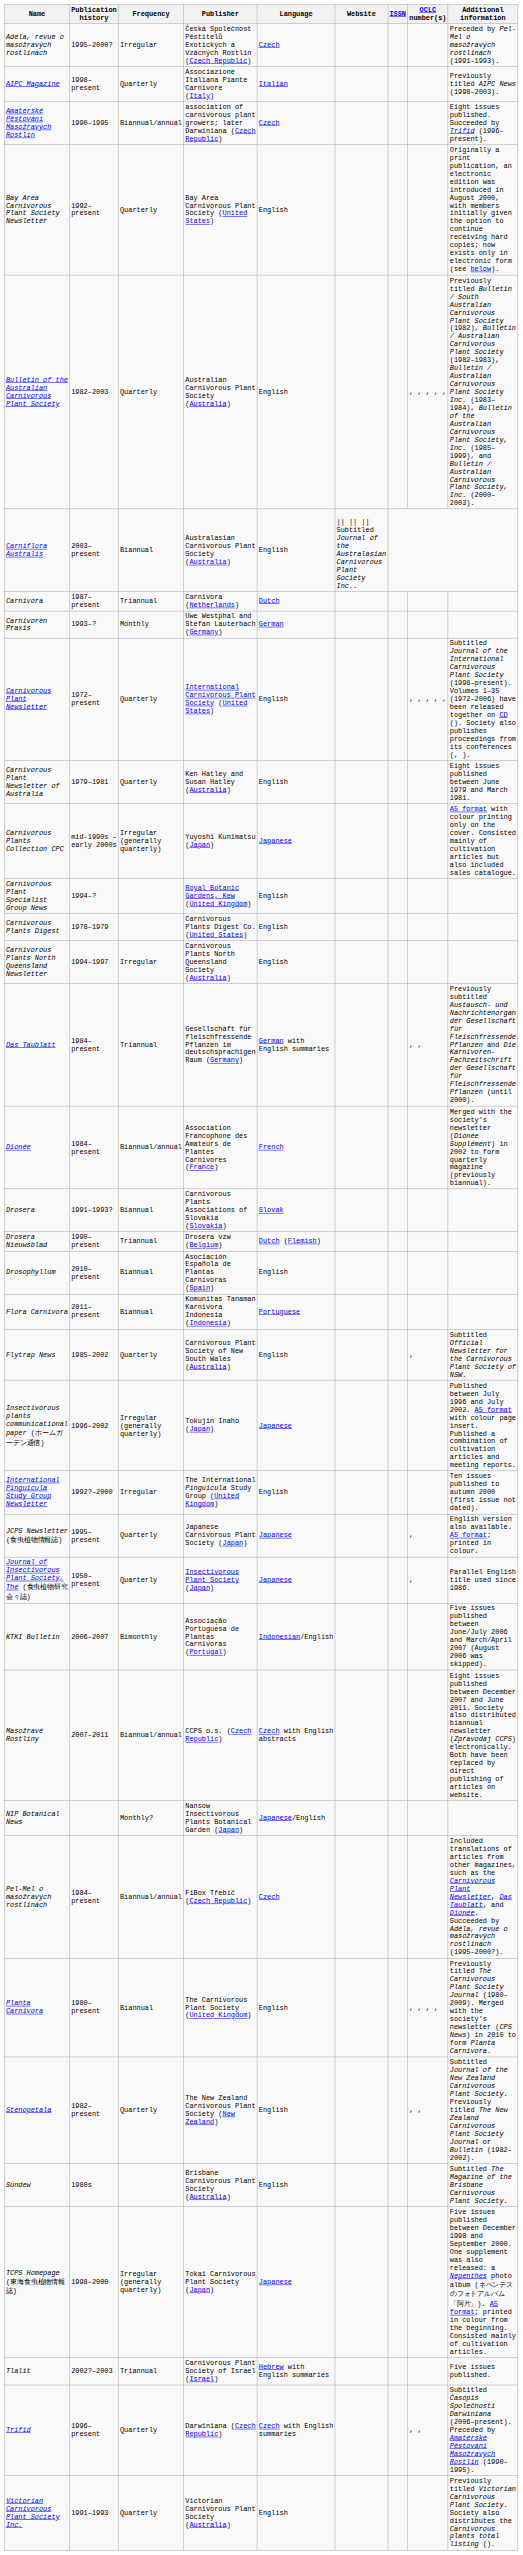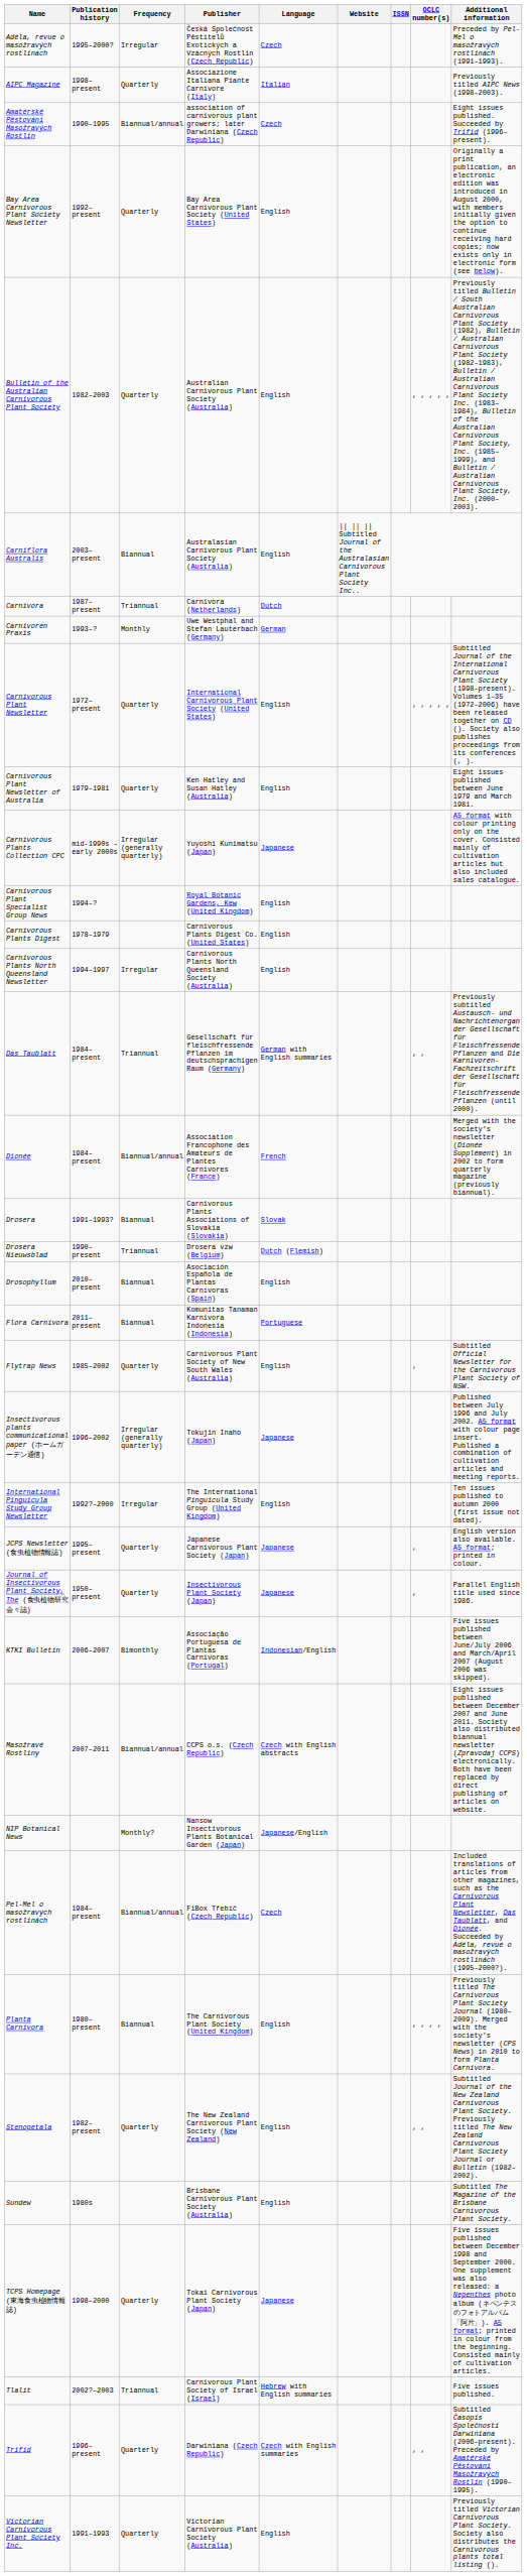 <table class="sortable wikitable">
 <tr>
 <th>Name</th>
 <th>Publication history</th>
 <th>Frequency</th>
 <th>Publisher</th>
 <th>Language</th>
 <th>Website</th>
 <th><a href='#'>ISSN</a></th>
 <th><a href='#'>OCLC</a> number(s)</th>
 <th>Additional information</th>
 </tr>
 <tr>
 <td><em>Adéla, revue o masožravých rostlinách</em></td>
 <td>1995–2000?</td>
 <td>Irregular</td>
 <td>Česká Společnost Pěstitelů Exotických a Vzácných Rostlin (<a href='#'>Czech Republic</a>)</td>
 <td><a href='#'>Czech</a></td>
 <td></td>
 <td></td>
 <td></td>
 <td>Preceded by <em>Pel-Mel o masožravých rostlinách</em> (1991–1993).</td>
 </tr>
 <tr>
 <td><em><a href='#'>AIPC Magazine</a></em></td>
 <td>1998–present</td>
 <td>Quarterly</td>
 <td>Associazione Italiana Piante Carnivore (<a href='#'>Italy</a>)</td>
 <td><a href='#'>Italian</a></td>
 <td></td>
 <td></td>
 <td></td>
 <td>Previously titled <em>AIPC News</em> (1998–2003).</td>
 </tr>
 <tr>
 <td><em><a href='#'>Amatérské Pěstování Masožravých Rostlin</a></em></td>
 <td>1990–1995</td>
 <td>Biannual/annual</td>
 <td>association of carnivorous plant growers; later Darwiniana (<a href='#'>Czech Republic</a>)</td>
 <td><a href='#'>Czech</a></td>
 <td></td>
 <td></td>
 <td></td>
 <td>Eight issues published. Succeeded by <em><a href='#'>Trifid</a></em> (1996–present).</td>
 </tr>
 <tr>
 <td><em>Bay Area Carnivorous Plant Society Newsletter</em></td>
 <td>1992–present</td>
 <td>Quarterly</td>
 <td>Bay Area Carnivorous Plant Society (<a href='#'>United States</a>)</td>
 <td>English</td>
 <td></td>
 <td></td>
 <td></td>
 <td>Originally a print publication, an electronic edition was introduced in August 2000, with members initially given the option to continue receiving hard copies; now exists only in electronic form (see <a href='#'>below</a>).</td>
 </tr>
 <tr>
 <td><em><a href='#'>Bulletin of the Australian Carnivorous Plant Society</a></em></td>
 <td>1982–2003</td>
 <td>Quarterly</td>
 <td>Australian Carnivorous Plant Society (<a href='#'>Australia</a>)</td>
 <td>English</td>
 <td></td>
 <td></td>
 <td>, , , , , </td>
 <td>Previously titled <em>Bulletin / South Australian Carnivorous Plant Society</em> (1982), <em>Bulletin / Australian Carnivorous Plant Society</em> (1982–1983), <em>Bulletin / Australian Carnivorous Plant Society Inc.</em> (1983–1984), <em>Bulletin of the Australian Carnivorous Plant Society, Inc.</em> (1985–1999), and <em>Bulletin / Australian Carnivorous Plant Society, Inc.</em> (2000–2003).</td>
 </tr>
 <tr>
 <td><em><a href='#'>Carniflora Australis</a></em></td>
 <td>2003–present</td>
 <td>Biannual</td>
 <td>Australasian Carnivorous Plant Society (<a href='#'>Australia</a>)</td>
 <td>English</td>
 <td><br> ||  ||  || Subtitled <em>Journal of the Australasian Carnivorous Plant Society Inc.</em>.</td>
 </tr>
 <tr>
 <td><em>Carnivora</em></td>
 <td>1987–present</td>
 <td>Triannual</td>
 <td>Carnivora (<a href='#'>Netherlands</a>)</td>
 <td><a href='#'>Dutch</a></td>
 <td></td>
 <td></td>
 <td></td>
 <td></td>
 </tr>
 <tr>
 <td><em>Carnivoren Praxis</em></td>
 <td>1993–?</td>
 <td>Monthly</td>
 <td>Uwe Westphal and Stefan Lauterbach (<a href='#'>Germany</a>)</td>
 <td><a href='#'>German</a></td>
 <td></td>
 <td></td>
 <td></td>
 <td></td>
 </tr>
 <tr>
 <td><em><a href='#'>Carnivorous Plant Newsletter</a></em></td>
 <td>1972–present</td>
 <td>Quarterly</td>
 <td><a href='#'>International Carnivorous Plant Society</a> (<a href='#'>United States</a>)</td>
 <td>English</td>
 <td></td>
 <td></td>
 <td>, , , , , </td>
 <td>Subtitled <em>Journal of the International Carnivorous Plant Society</em> (1998–present). Volumes 1–35 (1972–2006) have been released together on <a href='#'>CD</a> (). Society also publishes proceedings from its conferences (, ).</td>
 </tr>
 <tr>
 <td><em>Carnivorous Plant Newsletter of Australia</em></td>
 <td>1979–1981</td>
 <td>Quarterly</td>
 <td>Ken Hatley and Susan Hatley (<a href='#'>Australia</a>)</td>
 <td>English</td>
 <td></td>
 <td></td>
 <td></td>
 <td>Eight issues published between June 1979 and March 1981.</td>
 </tr>
 <tr>
 <td><em>Carnivorous Plants Collection CPC</em></td>
 <td>mid-1990s – early 2000s</td>
 <td>Irregular (generally quarterly)</td>
 <td>Yuyoshi Kunimatsu (<a href='#'>Japan</a>)</td>
 <td><a href='#'>Japanese</a></td>
 <td></td>
 <td></td>
 <td></td>
 <td><a href='#'>A5 format</a> with colour printing only on the cover. Consisted mainly of cultivation articles but also included sales catalogue.</td>
 </tr>
 <tr>
 <td><em>Carnivorous Plant Specialist Group News</em></td>
 <td>1994–?</td>
 <td></td>
 <td><a href='#'>Royal Botanic Gardens, Kew</a> (<a href='#'>United Kingdom</a>)</td>
 <td>English</td>
 <td></td>
 <td></td>
 <td></td>
 <td></td>
 </tr>
 <tr>
 <td><em>Carnivorous Plants Digest</em></td>
 <td>1978–1979</td>
 <td></td>
 <td>Carnivorous Plants Digest Co. (<a href='#'>United States</a>)</td>
 <td>English</td>
 <td></td>
 <td></td>
 <td></td>
 <td></td>
 </tr>
 <tr>
 <td><em>Carnivorous Plants North Queensland Newsletter</em></td>
 <td>1994–1997</td>
 <td>Irregular</td>
 <td>Carnivorous Plants North Queensland Society (<a href='#'>Australia</a>)</td>
 <td>English</td>
 <td></td>
 <td></td>
 <td></td>
 <td></td>
 </tr>
 <tr>
 <td><em><a href='#'>Das Taublatt</a></em></td>
 <td>1984–present</td>
 <td>Triannual</td>
 <td>Gesellschaft für fleischfressende Pflanzen im deutschsprachigen Raum (<a href='#'>Germany</a>)</td>
 <td><a href='#'>German</a> with English summaries</td>
 <td></td>
 <td></td>
 <td>, , </td>
 <td>Previously subtitled <em>Austausch- und Nachrichtenorgan der Gesellschaft für Fleischfressende Pflanzen</em> and <em>Die Karnivoren-Fachzeitschrift der Gesellschaft für Fleischfressende Pflanzen</em> (until 2000).</td>
 </tr>
 <tr>
 <td><em><a href='#'>Dionée</a></em></td>
 <td>1984–present</td>
 <td>Biannual/annual</td>
 <td>Association Francophone des Amateurs de Plantes Carnivores  (<a href='#'>France</a>)</td>
 <td><a href='#'>French</a></td>
 <td></td>
 <td></td>
 <td></td>
 <td>Merged with the society's newsletter (<em>Dionée Supplément</em>) in 2002 to form quarterly magazine (previously biannual).</td>
 </tr>
 <tr>
 <td><em>Drosera</em></td>
 <td>1991–1993?</td>
 <td>Biannual</td>
 <td>Carnivorous Plants Associations of Slovakia (<a href='#'>Slovakia</a>)</td>
 <td><a href='#'>Slovak</a></td>
 <td></td>
 <td></td>
 <td></td>
 <td></td>
 </tr>
 <tr>
 <td><em>Drosera Nieuwsblad</em></td>
 <td>1990–present</td>
 <td>Triannual</td>
 <td>Drosera vzw (<a href='#'>Belgium</a>)</td>
 <td><a href='#'>Dutch</a> (<a href='#'>Flemish</a>)</td>
 <td></td>
 <td></td>
 <td></td>
 <td></td>
 </tr>
 <tr>
 <td><em>Drosophyllum</em></td>
 <td>2010–present</td>
 <td>Biannual</td>
 <td>Asociación Española de Plantas Carnívoras (<a href='#'>Spain</a>)</td>
 <td>English</td>
 <td></td>
 <td></td>
 <td></td>
 <td></td>
 </tr>
 <tr>
 <td><em>Flora Carnívora</em></td>
 <td>2011–present</td>
 <td>Biannual</td>
 <td>Komunitas Tanaman Karnivora Indonesia (<a href='#'>Indonesia</a>)</td>
 <td><a href='#'>Portuguese</a></td>
 <td></td>
 <td></td>
 <td></td>
 <td></td>
 </tr>
 <tr>
 <td><em>Flytrap News</em></td>
 <td>1985–2002</td>
 <td>Quarterly</td>
 <td>Carnivorous Plant Society of New South Wales (<a href='#'>Australia</a>)</td>
 <td>English</td>
 <td></td>
 <td></td>
 <td>, </td>
 <td>Subtitled <em>Official Newsletter for the Carnivorous Plant Society of NSW</em>.</td>
 </tr>
 <tr>
 <td><em>Insectivorous plants communicational paper</em> (ホームガーデン通信)</td>
 <td>1996–2002</td>
 <td>Irregular (generally quarterly)</td>
 <td>Tokujin Inaho (<a href='#'>Japan</a>)</td>
 <td><a href='#'>Japanese</a></td>
 <td></td>
 <td></td>
 <td></td>
 <td>Published between July 1996 and July 2002. <a href='#'>A5 format</a> with colour page insert. Published a combination of cultivation articles and meeting reports.</td>
 </tr>
 <tr>
 <td><em><a href='#'>International Pinguicula Study Group Newsletter</a></em></td>
 <td>1992?–2000</td>
 <td>Irregular</td>
 <td>The International <em>Pinguicula</em> Study Group (<a href='#'>United Kingdom</a>)</td>
 <td>English</td>
 <td></td>
 <td></td>
 <td></td>
 <td>Ten issues published to autumn 2000 (first issue not dated).</td>
 </tr>
 <tr>
 <td><em>JCPS Newsletter</em> (食虫植物情報誌)</td>
 <td>1995–present</td>
 <td>Quarterly</td>
 <td>Japanese Carnivorous Plant Society (<a href='#'>Japan</a>)</td>
 <td><a href='#'>Japanese</a></td>
 <td></td>
 <td></td>
 <td>, </td>
 <td>English version also available. <a href='#'>A5 format</a>; printed in colour.</td>
 </tr>
 <tr>
 <td><em><a href='#'>Journal of Insectivorous Plant Society, The</a></em> (食虫植物研究会々誌)</td>
 <td>1950–present</td>
 <td>Quarterly</td>
 <td><a href='#'>Insectivorous Plant Society</a> (<a href='#'>Japan</a>)</td>
 <td><a href='#'>Japanese</a></td>
 <td></td>
 <td></td>
 <td>, </td>
 <td>Parallel English title used since 1986.</td>
 </tr>
 <tr>
 <td><em>KTKI Bulletin</em></td>
 <td>2006–2007</td>
 <td>Bimonthly</td>
 <td>Associação Portuguesa de Plantas Carnívoras (<a href='#'>Portugal</a>)</td>
 <td><a href='#'>Indonesian</a>/English</td>
 <td></td>
 <td></td>
 <td></td>
 <td>Five issues published between June/July 2006 and March/April 2007 (August 2006 was skipped).</td>
 </tr>
 <tr>
 <td><em>Masožravé Rostliny</em></td>
 <td>2007–2011</td>
 <td>Biannual/annual</td>
 <td>CCPS o.s. (<a href='#'>Czech Republic</a>)</td>
 <td><a href='#'>Czech</a> with English abstracts</td>
 <td></td>
 <td></td>
 <td></td>
 <td>Eight issues published between December 2007 and June 2011.  Society also distributed biannual newsletter (<em>Zpravodaj CCPS</em>) electronically. Both have been replaced by direct publishing of articles on website.</td>
 </tr>
 <tr>
 <td><em>NIP Botanical News</em></td>
 <td></td>
 <td>Monthly?</td>
 <td>Nansow Insectivorous Plants Botanical Garden (<a href='#'>Japan</a>)</td>
 <td><a href='#'>Japanese</a>/English</td>
 <td></td>
 <td></td>
 <td></td>
 <td></td>
 </tr>
 <tr>
 <td><em>Pel-Mel o masožravých rostlinách</em></td>
 <td>1984–present</td>
 <td>Biannual/annual</td>
 <td>FiBox Třebíč (<a href='#'>Czech Republic</a>)</td>
 <td><a href='#'>Czech</a></td>
 <td></td>
 <td></td>
 <td></td>
 <td>Included translations of articles from other magazines, such as the <em><a href='#'>Carnivorous Plant Newsletter</a></em>, <em><a href='#'>Das Taublatt</a></em>, and <em><a href='#'>Dionée</a></em>. Succeeded by <em>Adéla, revue o masožravých rostlinách</em> (1995–2000?).</td>
 </tr>
 <tr>
 <td><em><a href='#'>Planta Carnivora</a></em></td>
 <td>1980–present</td>
 <td>Biannual</td>
 <td>The Carnivorous Plant Society (<a href='#'>United Kingdom</a>)</td>
 <td>English</td>
 <td></td>
 <td></td>
 <td>, , , , </td>
 <td>Previously titled <em>The Carnivorous Plant Society Journal</em> (1980–2009). Merged with the society's newsletter (<em>CPS News</em>) in 2010 to form <em>Planta Carnivora</em>.</td>
 </tr>
 <tr>
 <td><em><a href='#'>Stenopetala</a></em></td>
 <td>1982–present</td>
 <td>Quarterly</td>
 <td>The New Zealand Carnivorous Plant Society (<a href='#'>New Zealand</a>)</td>
 <td>English</td>
 <td></td>
 <td></td>
 <td>, , </td>
 <td>Subtitled <em>Journal of the New Zealand Carnivorous Plant Society</em>. Previously titled <em>The New Zealand Carnivorous Plant Society Journal</em> or <em>Bulletin</em> (1982–2002).</td>
 </tr>
 <tr>
 <td><em>Sundew</em></td>
 <td>1980s</td>
 <td></td>
 <td>Brisbane Carnivorous Plant Society (<a href='#'>Australia</a>)</td>
 <td>English</td>
 <td></td>
 <td></td>
 <td></td>
 <td>Subtitled <em>The Magazine of the Brisbane Carnivorous Plant Society</em>.</td>
 </tr>
 <tr>
 <td><em>TCPS Homepage</em> (東海食虫植物情報誌)</td>
 <td>1998–2000</td>
-<td>Irregular (generally quarterly)</td>
+<td>Quarterly</td>
 <td>Tokai Carnivorous Plant Society (<a href='#'>Japan</a>)</td>
 <td><a href='#'>Japanese</a></td>
 <td></td>
 <td></td>
 <td></td>
 <td>Five issues published between December 1998 and September 2000. One supplement was also released: a <em><a href='#'>Nepenthes</a></em> photo album (ネペンテスのフォトアルバム「阿片」). <a href='#'>A5 format</a>; printed in colour from the beginning. Consisted mainly of cultivation articles.</td>
 </tr>
 <tr>
 <td><em>Tlalit</em></td>
 <td>2002?–2003</td>
 <td>Triannual</td>
 <td>Carnivorous Plant Society of Israel (<a href='#'>Israel</a>)</td>
 <td><a href='#'>Hebrew</a> with English summaries</td>
 <td></td>
 <td></td>
 <td></td>
 <td>Five issues published.</td>
 </tr>
 <tr>
 <td><em><a href='#'>Trifid</a></em></td>
 <td>1996–present</td>
 <td>Quarterly</td>
 <td>Darwiniana (<a href='#'>Czech Republic</a>)</td>
 <td><a href='#'>Czech</a> with English summaries</td>
 <td></td>
 <td></td>
 <td>, , </td>
 <td>Subtitled <em>Časopis Společnosti Darwiniana</em> (2006–present). Preceded by <em><a href='#'>Amatérské Pěstování Masožravých Rostlin</a></em> (1990–1995).</td>
 </tr>
 <tr>
 <td><em><a href='#'>Victorian Carnivorous Plant Society Inc.</a></em></td>
 <td>1991–1993</td>
 <td>Quarterly</td>
 <td>Victorian Carnivorous Plant Society (<a href='#'>Australia</a>)</td>
 <td>English</td>
 <td></td>
 <td></td>
 <td></td>
 <td>Previously titled <em>Victorian Carnivorous Plant Society</em>. Society also distributes the <em>Carnivorous plants total listing</em> ().</td>
 </tr>
 </table>
